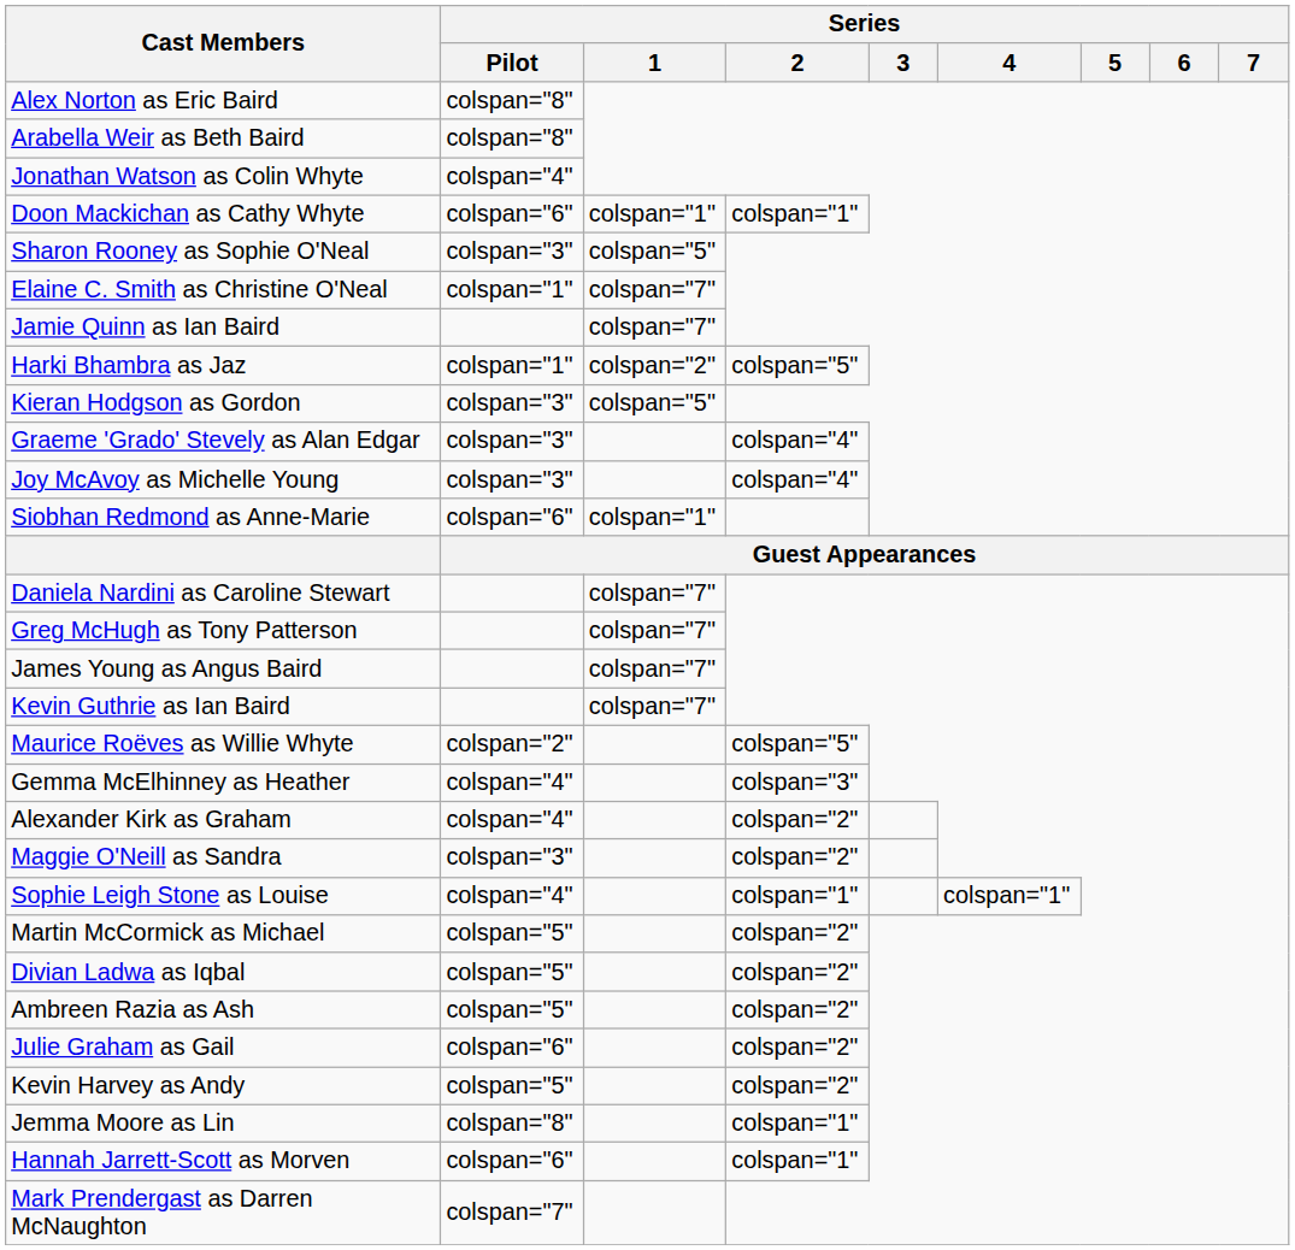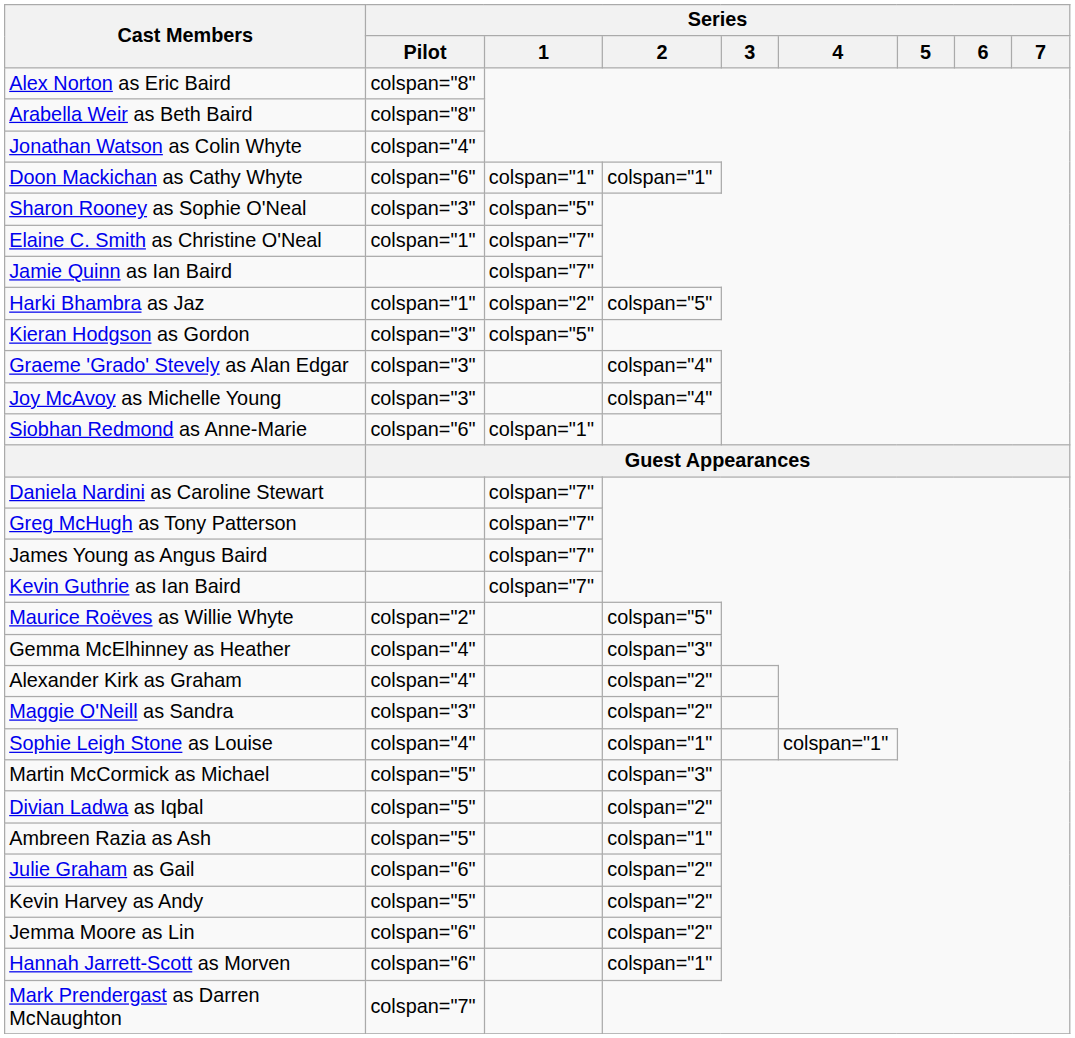 <table class="wikitable plainrowheaders" style="width:68%;">
 <tr>
 <th rowspan="2" style="width:5%">Cast Members</th>
 <th colspan="8">Series</th>
 </tr>
 <tr>
 <th style="width:5%;">Pilot</th>
 <th style="width:5%;">1</th>
 <th style="width:5%;">2</th>
 <th style="width:5%;">3</th>
 <th style="width:5%;">4</th>
 <th style="width:5%;">5</th>
 <th style="width:5%;">6</th>
 <th style="width:5%;">7</th>
 </tr>
 <tr>
 <td><a href='#'>Alex Norton</a> as Eric Baird</td>
 <td>colspan="8" </td>
 </tr>
 <tr>
 <td><a href='#'>Arabella Weir</a> as Beth Baird</td>
 <td>colspan="8" </td>
 </tr>
 <tr>
 <td><a href='#'>Jonathan Watson</a> as Colin Whyte</td>
 <td>colspan="4" </td>
 </tr>
 <tr>
 <td><a href='#'>Doon Mackichan</a> as Cathy Whyte</td>
 <td>colspan="6" </td>
 <td>colspan="1" </td>
 <td>colspan="1" </td>
 </tr>
 <tr>
 <td><a href='#'>Sharon Rooney</a> as Sophie O'Neal</td>
 <td>colspan="3" </td>
 <td>colspan="5" </td>
 </tr>
 <tr>
 <td><a href='#'>Elaine C. Smith</a> as Christine O'Neal</td>
 <td>colspan="1" </td>
 <td>colspan="7" </td>
 </tr>
 <tr>
 <td><a href='#'>Jamie Quinn</a> as Ian Baird</td>
 <td></td>
 <td>colspan="7" </td>
 </tr>
 <tr>
 <td><a href='#'>Harki Bhambra</a> as Jaz</td>
 <td>colspan="1" </td>
 <td>colspan="2" </td>
 <td>colspan="5" </td>
 </tr>
 <tr>
 <td><a href='#'>Kieran Hodgson</a> as Gordon</td>
 <td>colspan="3" </td>
 <td>colspan="5" </td>
 </tr>
 <tr>
 <td nowrap><a href='#'>Graeme 'Grado' Stevely</a> as Alan Edgar</td>
 <td>colspan="3" </td>
 <td></td>
 <td>colspan="4" </td>
 </tr>
 <tr>
 <td><a href='#'>Joy McAvoy</a> as Michelle Young</td>
 <td>colspan="3" </td>
 <td></td>
 <td>colspan="4" </td>
 </tr>
 <tr>
 <td><a href='#'>Siobhan Redmond</a> as Anne-Marie</td>
 <td>colspan="6" </td>
 <td>colspan="1" </td>
 <td></td>
 </tr>
 <tr>
 <th rowspan="1" style="width:15%;"></th>
 <th colspan="8">Guest Appearances</th>
 </tr>
 <tr>
 <td><a href='#'>Daniela Nardini</a> as Caroline Stewart</td>
 <td></td>
 <td>colspan="7" </td>
 </tr>
 <tr>
 <td><a href='#'>Greg McHugh</a> as Tony Patterson</td>
 <td></td>
 <td>colspan="7" </td>
 </tr>
 <tr>
 <td>James Young as Angus Baird</td>
 <td></td>
 <td>colspan="7" </td>
 </tr>
 <tr>
 <td><a href='#'>Kevin Guthrie</a> as Ian Baird</td>
 <td></td>
 <td>colspan="7" </td>
 </tr>
 <tr>
 <td><a href='#'>Maurice Roëves</a> as Willie Whyte</td>
 <td>colspan="2" </td>
 <td></td>
 <td>colspan="5" </td>
 </tr>
 <tr>
 <td>Gemma McElhinney as Heather</td>
 <td>colspan="4" </td>
 <td></td>
 <td>colspan="3" </td>
 </tr>
 <tr>
 <td>Alexander Kirk as Graham</td>
 <td>colspan="4" </td>
 <td></td>
 <td>colspan="2" </td>
 <td></td>
 </tr>
 <tr>
 <td><a href='#'>Maggie O'Neill</a> as Sandra</td>
 <td>colspan="3" </td>
 <td></td>
 <td>colspan="2" </td>
 <td></td>
 </tr>
 <tr>
 <td><a href='#'>Sophie Leigh Stone</a> as Louise</td>
 <td>colspan="4" </td>
 <td></td>
 <td>colspan="1" </td>
 <td></td>
 <td>colspan="1" </td>
 </tr>
 <tr>
 <td>Martin McCormick as Michael</td>
 <td>colspan="5" </td>
 <td></td>
-<td>colspan="2" </td>
+<td>colspan="3" </td>
 </tr>
 <tr>
 <td><a href='#'>Divian Ladwa</a> as Iqbal</td>
 <td>colspan="5" </td>
 <td></td>
 <td>colspan="2" </td>
 </tr>
 <tr>
 <td>Ambreen Razia as Ash</td>
 <td>colspan="5" </td>
 <td></td>
-<td>colspan="2" </td>
+<td>colspan="1" </td>
 </tr>
 <tr>
 <td><a href='#'>Julie Graham</a> as Gail</td>
 <td>colspan="6" </td>
 <td></td>
 <td>colspan="2" </td>
 </tr>
 <tr>
 <td>Kevin Harvey as Andy</td>
 <td>colspan="5" </td>
 <td></td>
 <td>colspan="2" </td>
 </tr>
 <tr>
 <td>Jemma Moore as Lin</td>
-<td>colspan="8" </td>
+<td>colspan="6" </td>
 <td></td>
-<td>colspan="1" </td>
+<td>colspan="2" </td>
 </tr>
 <tr>
 <td><a href='#'>Hannah Jarrett-Scott</a> as Morven</td>
 <td>colspan="6" </td>
 <td></td>
 <td>colspan="1" </td>
 </tr>
 <tr>
 <td><a href='#'>Mark Prendergast</a> as Darren McNaughton</td>
 <td>colspan="7" </td>
 <td></td>
 </tr>
 </table>
